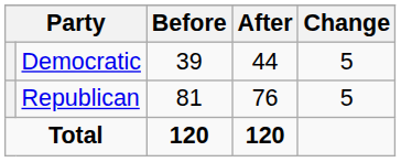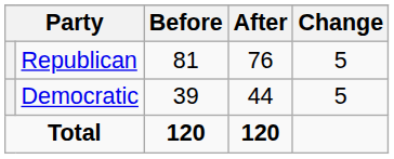 <table class="wikitable" style="text-align:center;">
 <tr>
 </tr>
 <tr>
 <th colspan=2>Party</th>
 <th>Before</th>
 <th>After</th>
 <th>Change</th>
 </tr>
 <tr>
 <th style="background-color:"></th>
-<td style="text-align:left;"><a href='#'>Democratic</a></td>
-<td>39</td>
-<td>44</td>
+<td style="text-align:left;"><a href='#'>Republican</a></td>
+<td>81</td>
+<td>76</td>
 <td> 5</td>
 </tr>
 <tr>
 <th style="background-color:"></th>
-<td style="text-align:left;"><a href='#'>Republican</a></td>
-<td>81</td>
-<td>76</td>
+<td style="text-align:left;"><a href='#'>Democratic</a></td>
+<td>39</td>
+<td>44</td>
 <td> 5</td>
 </tr>
 <tr>
 <td colspan=2><strong>Total</strong></td>
 <td><strong>120</strong></td>
 <td><strong>120</strong></td>
 <td></td>
 </tr>
 </table>
